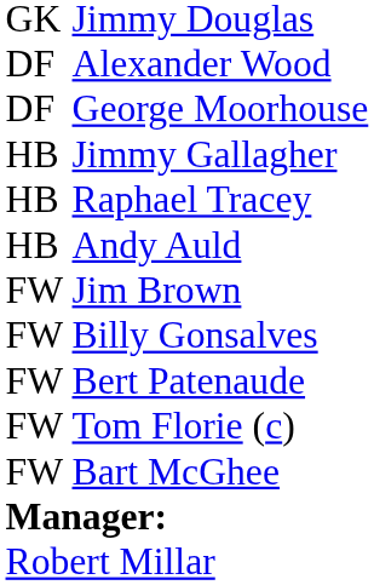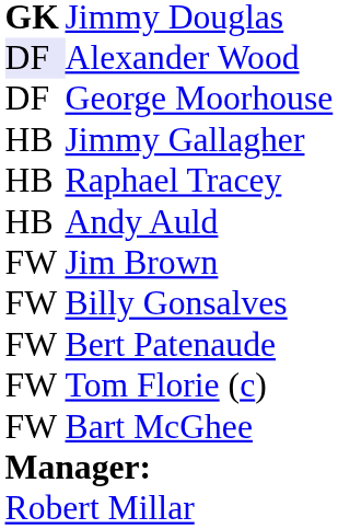 <table style="font-size:90%; margin:0.2em auto;" cellspacing="0" cellpadding="0">
 <tr>
 <th width="25"></th>
 </tr>
 <tr>
-<td>GK</td>
+<td><strong>GK</strong></td>
 <td><a href='#'>Jimmy Douglas</a></td>
 </tr>
 <tr>
-<td>DF</td>
+<td style="background: lavender;">DF</td>
 <td><a href='#'>Alexander Wood</a></td>
 </tr>
 <tr>
 <td>DF</td>
 <td><a href='#'>George Moorhouse</a></td>
 </tr>
 <tr>
 <td>HB</td>
 <td><a href='#'>Jimmy Gallagher</a></td>
 </tr>
 <tr>
 <td>HB</td>
 <td><a href='#'>Raphael Tracey</a></td>
 </tr>
 <tr>
 <td>HB</td>
 <td><a href='#'>Andy Auld</a></td>
 </tr>
 <tr>
 <td>FW</td>
 <td><a href='#'>Jim Brown</a></td>
 </tr>
 <tr>
 <td>FW</td>
 <td><a href='#'>Billy Gonsalves</a></td>
 </tr>
 <tr>
 <td>FW</td>
 <td><a href='#'>Bert Patenaude</a></td>
 </tr>
 <tr>
 <td>FW</td>
 <td><a href='#'>Tom Florie</a> (<a href='#'>c</a>)</td>
 </tr>
 <tr>
 <td>FW</td>
 <td><a href='#'>Bart McGhee</a></td>
 </tr>
 <tr>
 <td colspan=3><strong>Manager:</strong></td>
 </tr>
 <tr>
 <td colspan=4><a href='#'>Robert Millar</a></td>
 </tr>
 </table>
